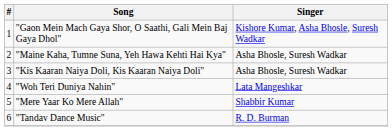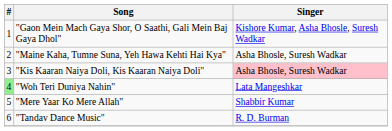 <table class="wikitable" style="font-size:95%;">
 <tr>
 <th>#</th>
 <th>Song</th>
 <th>Singer</th>
 </tr>
 <tr>
 <td>1</td>
 <td>"Gaon Mein Mach Gaya Shor, O Saathi, Gali Mein Baj Gaya Dhol"</td>
 <td><a href='#'>Kishore Kumar</a>, <a href='#'>Asha Bhosle</a>, <a href='#'>Suresh Wadkar</a></td>
 </tr>
 <tr>
 <td>2</td>
 <td>"Maine Kaha, Tumne Suna, Yeh Hawa Kehti Hai Kya"</td>
 <td>Asha Bhosle, Suresh Wadkar</td>
 </tr>
 <tr>
 <td>3</td>
 <td>"Kis Kaaran Naiya Doli, Kis Kaaran Naiya Doli"</td>
-<td>Asha Bhosle, Suresh Wadkar</td>
+<td style="background: pink;">Asha Bhosle, Suresh Wadkar</td>
 </tr>
 <tr>
-<td>4</td>
+<td style="background: lightgreen;">4</td>
 <td>"Woh Teri Duniya Nahin"</td>
 <td><a href='#'>Lata Mangeshkar</a></td>
 </tr>
 <tr>
 <td>5</td>
 <td>"Mere Yaar Ko Mere Allah"</td>
 <td><a href='#'>Shabbir Kumar</a></td>
 </tr>
 <tr>
 <td>6</td>
 <td>"Tandav Dance Music"</td>
 <td><a href='#'>R. D. Burman</a></td>
 </tr>
 <tr>
 </tr>
 </table>
